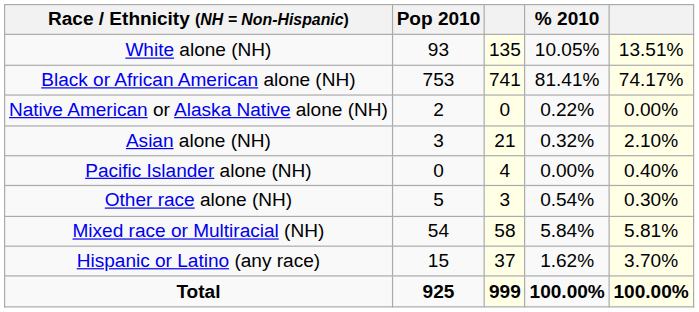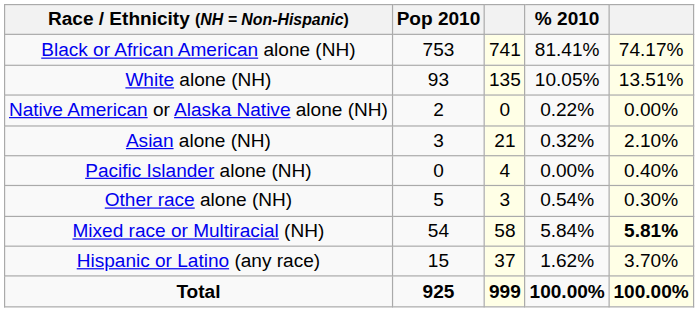 <table class="wikitable" style="text-align:center;">
 <tr>
 <th>Race / Ethnicity <small>(<em>NH = Non-Hispanic</em>)</small></th>
 <th>Pop 2010</th>
 <th></th>
 <th>% 2010</th>
 <th></th>
 </tr>
 <tr>
+<td><a href='#'>Black or African American</a> alone (NH)</td>
+<td>753</td>
+<td style='background: #ffffe6;'>741</td>
+<td>81.41%</td>
+<td style='background: #ffffe6;'>74.17%</td>
+</tr>
+<tr>
 <td><a href='#'>White</a> alone (NH)</td>
 <td>93</td>
 <td style='background: #ffffe6;'>135</td>
 <td>10.05%</td>
 <td style='background: #ffffe6;'>13.51%</td>
-</tr>
-<tr>
-<td><a href='#'>Black or African American</a> alone (NH)</td>
-<td>753</td>
-<td style='background: #ffffe6;'>741</td>
-<td>81.41%</td>
-<td style='background: #ffffe6;'>74.17%</td>
 </tr>
 <tr>
 <td><a href='#'>Native American</a> or <a href='#'>Alaska Native</a> alone (NH)</td>
 <td>2</td>
 <td style='background: #ffffe6;'>0</td>
 <td>0.22%</td>
 <td style='background: #ffffe6;'>0.00%</td>
 </tr>
 <tr>
 <td><a href='#'>Asian</a> alone (NH)</td>
 <td>3</td>
 <td style='background: #ffffe6;'>21</td>
 <td>0.32%</td>
 <td style='background: #ffffe6;'>2.10%</td>
 </tr>
 <tr>
 <td><a href='#'>Pacific Islander</a> alone (NH)</td>
 <td>0</td>
 <td style='background: #ffffe6;'>4</td>
 <td>0.00%</td>
 <td style='background: #ffffe6;'>0.40%</td>
 </tr>
 <tr>
 <td><a href='#'>Other race</a> alone (NH)</td>
 <td>5</td>
 <td style='background: #ffffe6;'>3</td>
 <td>0.54%</td>
 <td style='background: #ffffe6;'>0.30%</td>
 </tr>
 <tr>
 <td><a href='#'>Mixed race or Multiracial</a> (NH)</td>
 <td>54</td>
 <td style='background: #ffffe6;'>58</td>
 <td>5.84%</td>
-<td style='background: #ffffe6;'>5.81%</td>
+<td style='background: #ffffe6;'><strong>5.81%</strong></td>
 </tr>
 <tr>
 <td><a href='#'>Hispanic or Latino</a> (any race)</td>
 <td>15</td>
 <td style='background: #ffffe6;'>37</td>
 <td>1.62%</td>
 <td style='background: #ffffe6;'>3.70%</td>
 </tr>
 <tr>
 <td><strong>Total</strong></td>
 <td><strong>925</strong></td>
 <td style='background: #ffffe6;'><strong>999</strong></td>
 <td><strong>100.00%</strong></td>
 <td style='background: #ffffe6;'><strong>100.00%</strong></td>
 </tr>
 </table>
